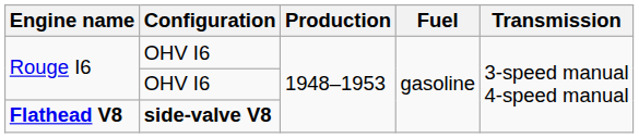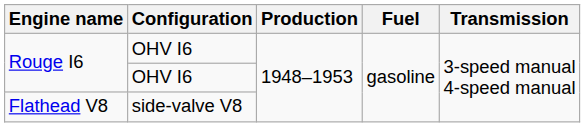 <table class="wikitable">
 <tr>
 <th>Engine name</th>
 <th>Configuration</th>
 <th>Production</th>
 <th>Fuel</th>
 <th>Transmission</th>
 </tr>
 <tr>
 <td rowspan="2"><a href='#'>Rouge</a> I6</td>
 <td> OHV I6</td>
 <td rowspan="3">1948–1953</td>
 <td rowspan="3">gasoline</td>
 <td rowspan="3">3-speed manual<br>4-speed manual</td>
 </tr>
 <tr>
 <td> OHV I6</td>
 </tr>
 <tr>
-<td><strong><a href='#'>Flathead</a> V8</strong></td>
-<td><strong> side-valve V8</strong></td>
+<td><a href='#'>Flathead</a> V8</td>
+<td> side-valve V8</td>
 </tr>
 </table>
